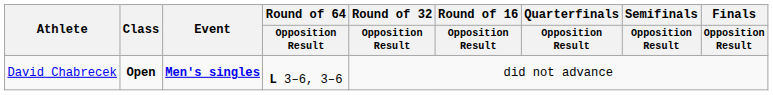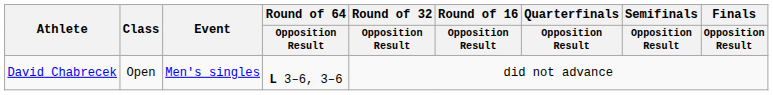 <table class=wikitable style="font-size:90%">
 <tr>
 <th rowspan="2">Athlete</th>
 <th rowspan="2">Class</th>
 <th rowspan="2">Event</th>
 <th>Round of 64</th>
 <th>Round of 32</th>
 <th>Round of 16</th>
 <th>Quarterfinals</th>
 <th>Semifinals</th>
 <th>Finals</th>
 </tr>
 <tr>
 <th style="line-height:1em"><small>Opposition<br>Result</small></th>
 <th style="line-height:1em"><small>Opposition<br>Result</small></th>
 <th style="line-height:1em"><small>Opposition<br>Result</small></th>
 <th style="line-height:1em"><small>Opposition<br>Result</small></th>
 <th style="line-height:1em"><small>Opposition<br>Result</small></th>
 <th style="line-height:1em"><small>Opposition<br>Result</small></th>
 </tr>
 <tr>
 <td><a href='#'>David Chabrecek</a></td>
-<td style="text-align:center;"><strong>Open</strong></td>
-<td><strong><a href='#'>Men's singles</a></strong></td>
+<td style="text-align:center;">Open</td>
+<td><a href='#'>Men's singles</a></td>
 <td style="text-align:center;"><br><strong>L</strong> 3–6, 3–6</td>
 <td style="text-align:center;" colspan="5">did not advance</td>
 </tr>
 </table>
